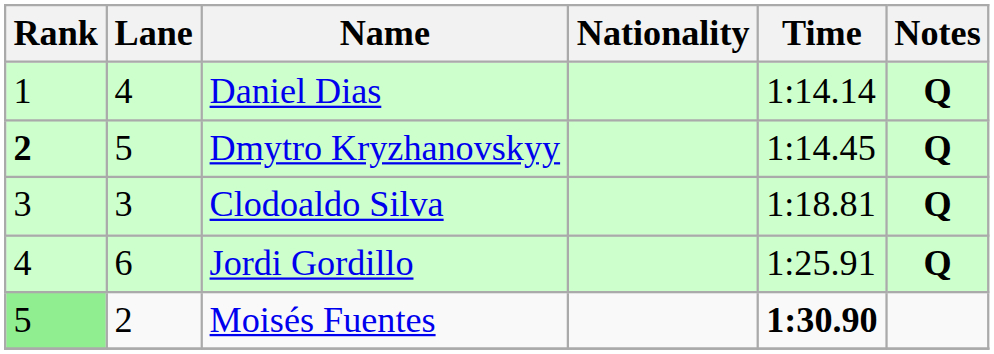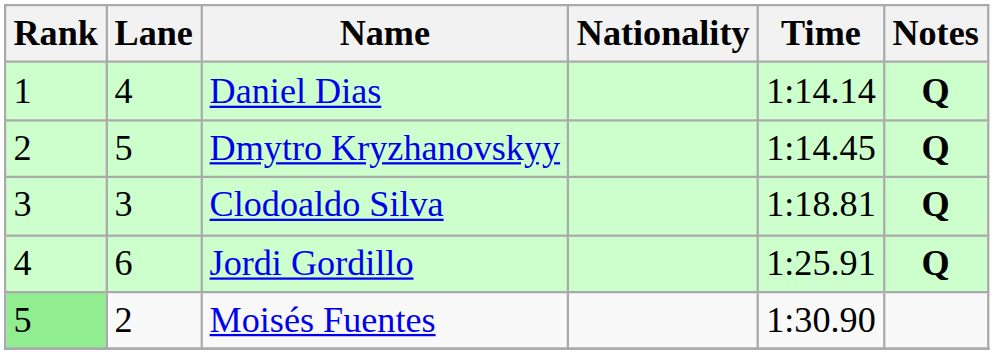 <table class="wikitable">
 <tr>
 <th>Rank</th>
 <th>Lane</th>
 <th>Name</th>
 <th>Nationality</th>
 <th>Time</th>
 <th>Notes</th>
 </tr>
 <tr style="background:#ccffcc;">
 <td>1</td>
 <td>4</td>
 <td><a href='#'>Daniel Dias</a></td>
 <td></td>
 <td>1:14.14</td>
 <td style="text-align:center;"><strong>Q</strong></td>
 </tr>
 <tr style="background:#ccffcc;">
-<td><strong>2</strong></td>
+<td>2</td>
 <td>5</td>
 <td><a href='#'>Dmytro Kryzhanovskyy</a></td>
 <td></td>
 <td>1:14.45</td>
 <td style="text-align:center;"><strong>Q</strong></td>
 </tr>
 <tr style="background:#ccffcc;">
 <td>3</td>
 <td>3</td>
 <td><a href='#'>Clodoaldo Silva</a></td>
 <td></td>
 <td>1:18.81</td>
 <td style="text-align:center;"><strong>Q</strong></td>
 </tr>
 <tr style="background:#ccffcc;">
 <td>4</td>
 <td>6</td>
 <td><a href='#'>Jordi Gordillo</a></td>
 <td></td>
 <td>1:25.91</td>
 <td style="text-align:center;"><strong>Q</strong></td>
 </tr>
 <tr>
 <td style="background: lightgreen;">5</td>
 <td>2</td>
 <td><a href='#'>Moisés Fuentes</a></td>
 <td></td>
-<td><strong>1:30.90</strong></td>
+<td>1:30.90</td>
 <td></td>
 </tr>
 <tr>
 </tr>
 </table>
